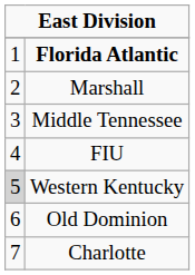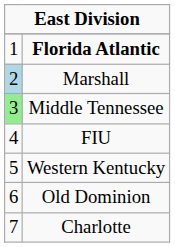 <table class="wikitable">
 <tr align="center">
 <td align="center" Colspan="3"><strong>East Division</strong></td>
 </tr>
 <tr align="center">
 </tr>
 <tr align="center">
 <td>1</td>
 <td><strong>Florida Atlantic</strong></td>
 </tr>
 <tr align="center">
-<td>2</td>
+<td style="background: lightblue;">2</td>
 <td>Marshall</td>
 </tr>
 <tr align="center">
-<td>3</td>
+<td style="background: lightgreen;">3</td>
 <td>Middle Tennessee</td>
 </tr>
 <tr align="center">
 <td>4</td>
 <td>FIU</td>
 </tr>
 <tr align="center">
-<td style="background: lightgrey;">5</td>
+<td>5</td>
 <td>Western Kentucky</td>
 </tr>
 <tr align="center">
 <td>6</td>
 <td>Old Dominion</td>
 </tr>
 <tr align="center">
 <td>7</td>
 <td>Charlotte</td>
 </tr>
 </table>
